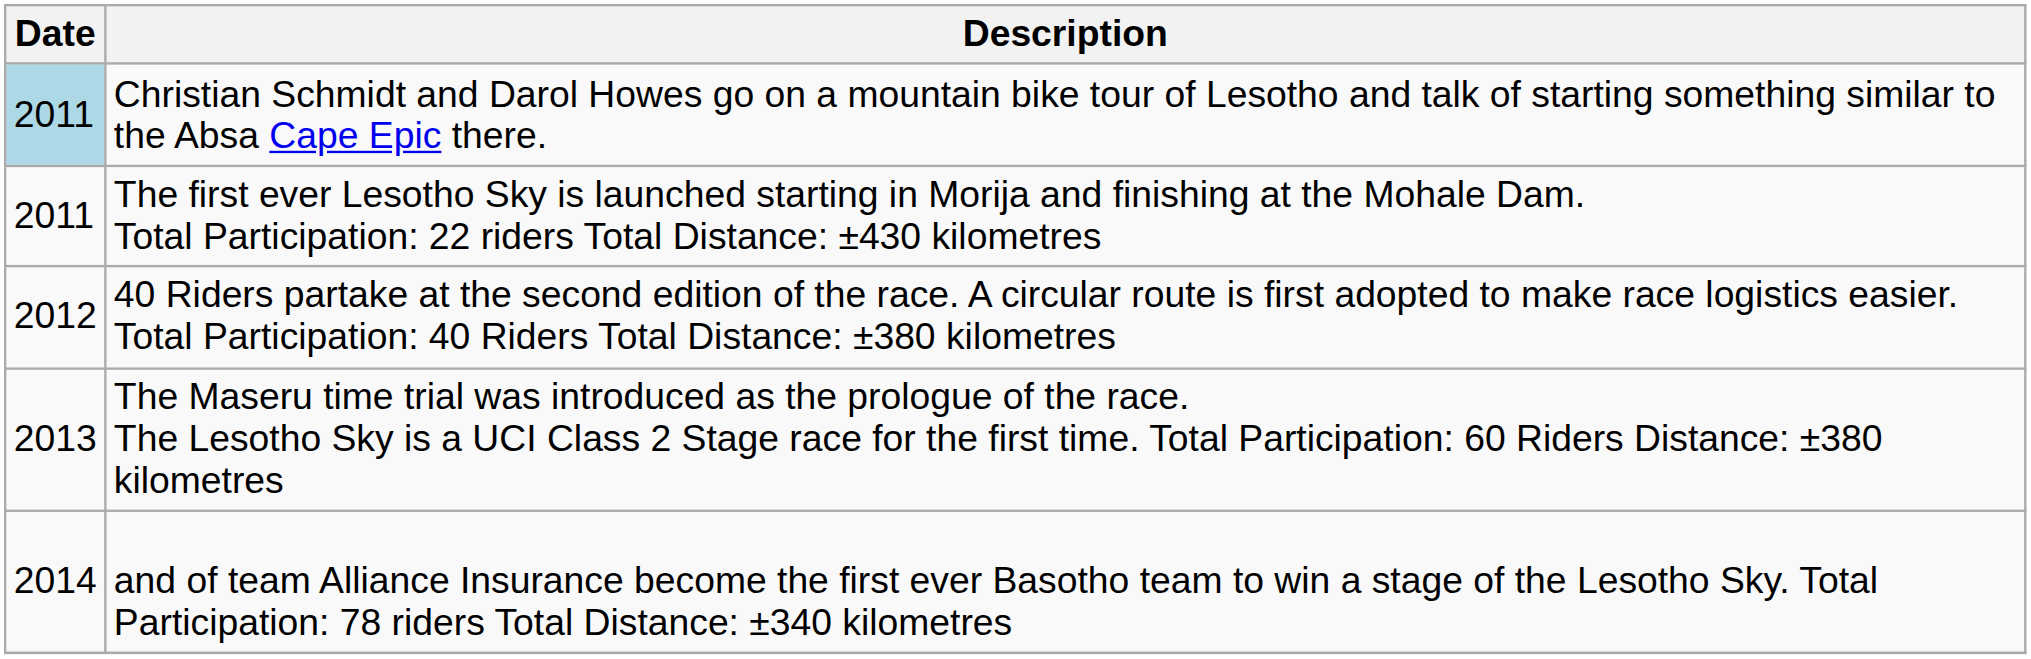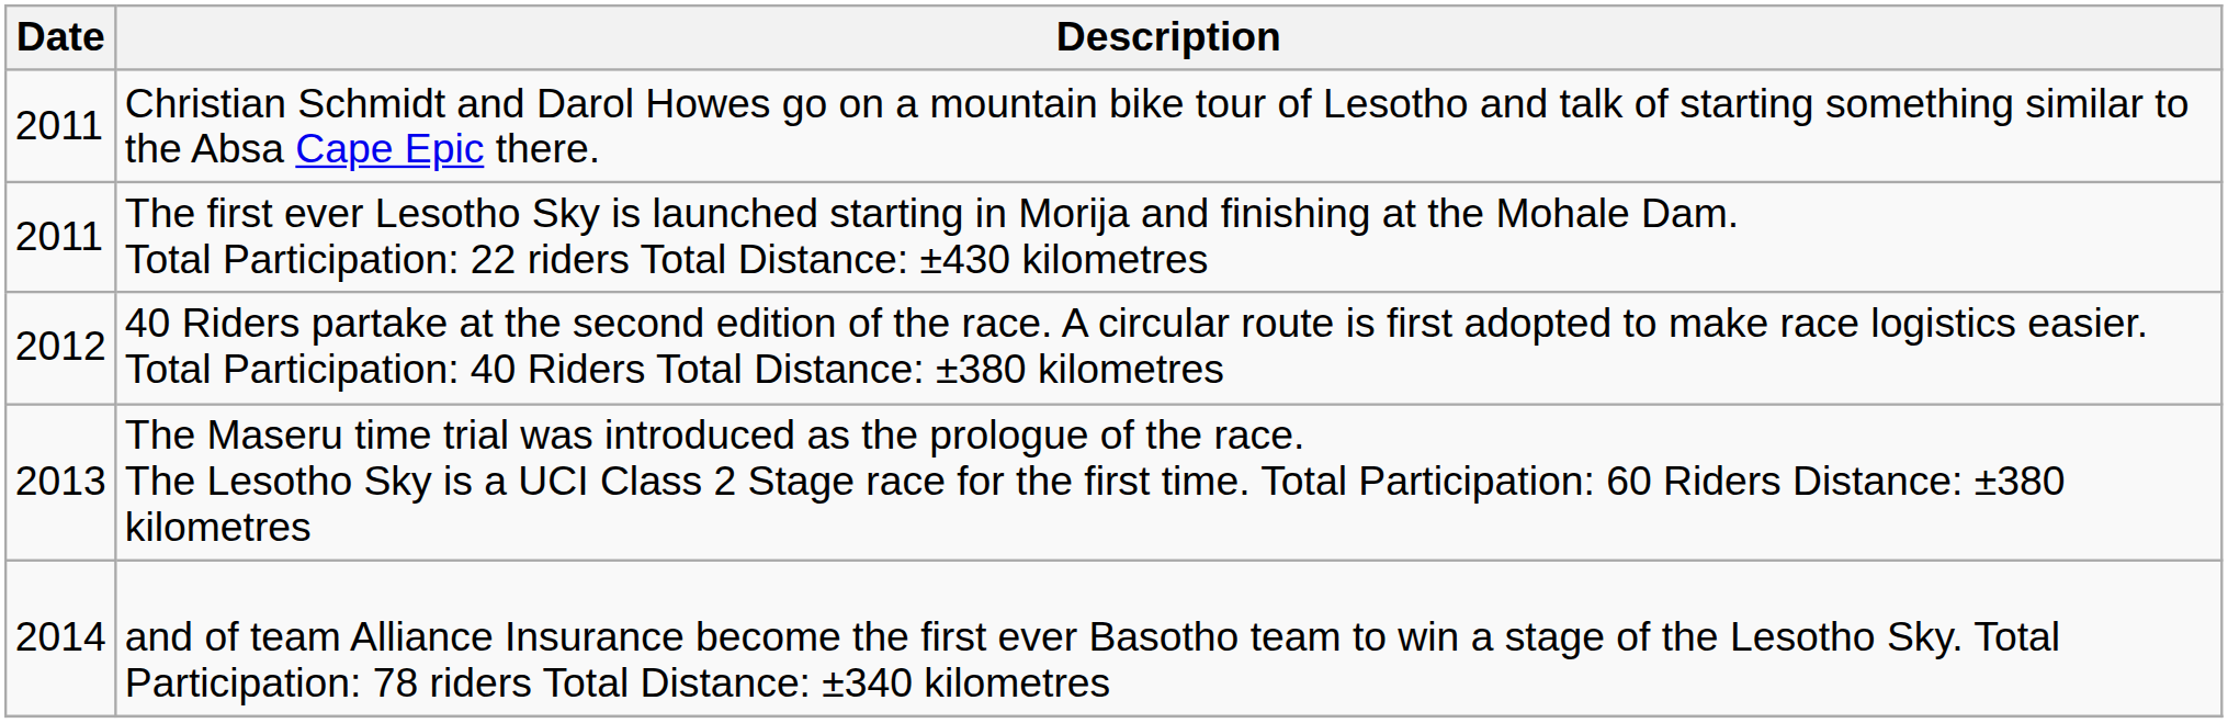 <table class="wikitable">
 <tr>
 <th>Date</th>
 <th>Description</th>
 </tr>
 <tr>
-<td style="background: lightblue;">2011</td>
+<td>2011</td>
 <td>Christian Schmidt and Darol Howes go on a mountain bike tour of Lesotho and talk of starting something similar to the Absa <a href='#'>Cape Epic</a> there.</td>
 </tr>
 <tr>
 <td>2011</td>
 <td>The first ever Lesotho Sky is launched starting in Morija and finishing at the Mohale Dam.<br>Total Participation: 22 riders Total Distance: ±430 kilometres</td>
 </tr>
 <tr>
 <td>2012</td>
 <td>40 Riders partake at the second edition of the race. A circular route is first adopted to make race logistics easier.<br>Total Participation: 40 Riders Total Distance: ±380 kilometres</td>
 </tr>
 <tr>
 <td>2013</td>
 <td>The Maseru time trial was introduced as the prologue of the race.<br>The Lesotho Sky is a UCI Class 2 Stage race for the first time. Total Participation: 60 Riders Distance: ±380 kilometres</td>
 </tr>
 <tr>
 <td>2014</td>
 <td><br> and  of team Alliance Insurance become the first ever Basotho team to win a stage of the Lesotho Sky. Total Participation: 78 riders Total Distance: ±340 kilometres</td>
 </tr>
 <tr>
 </tr>
 </table>
